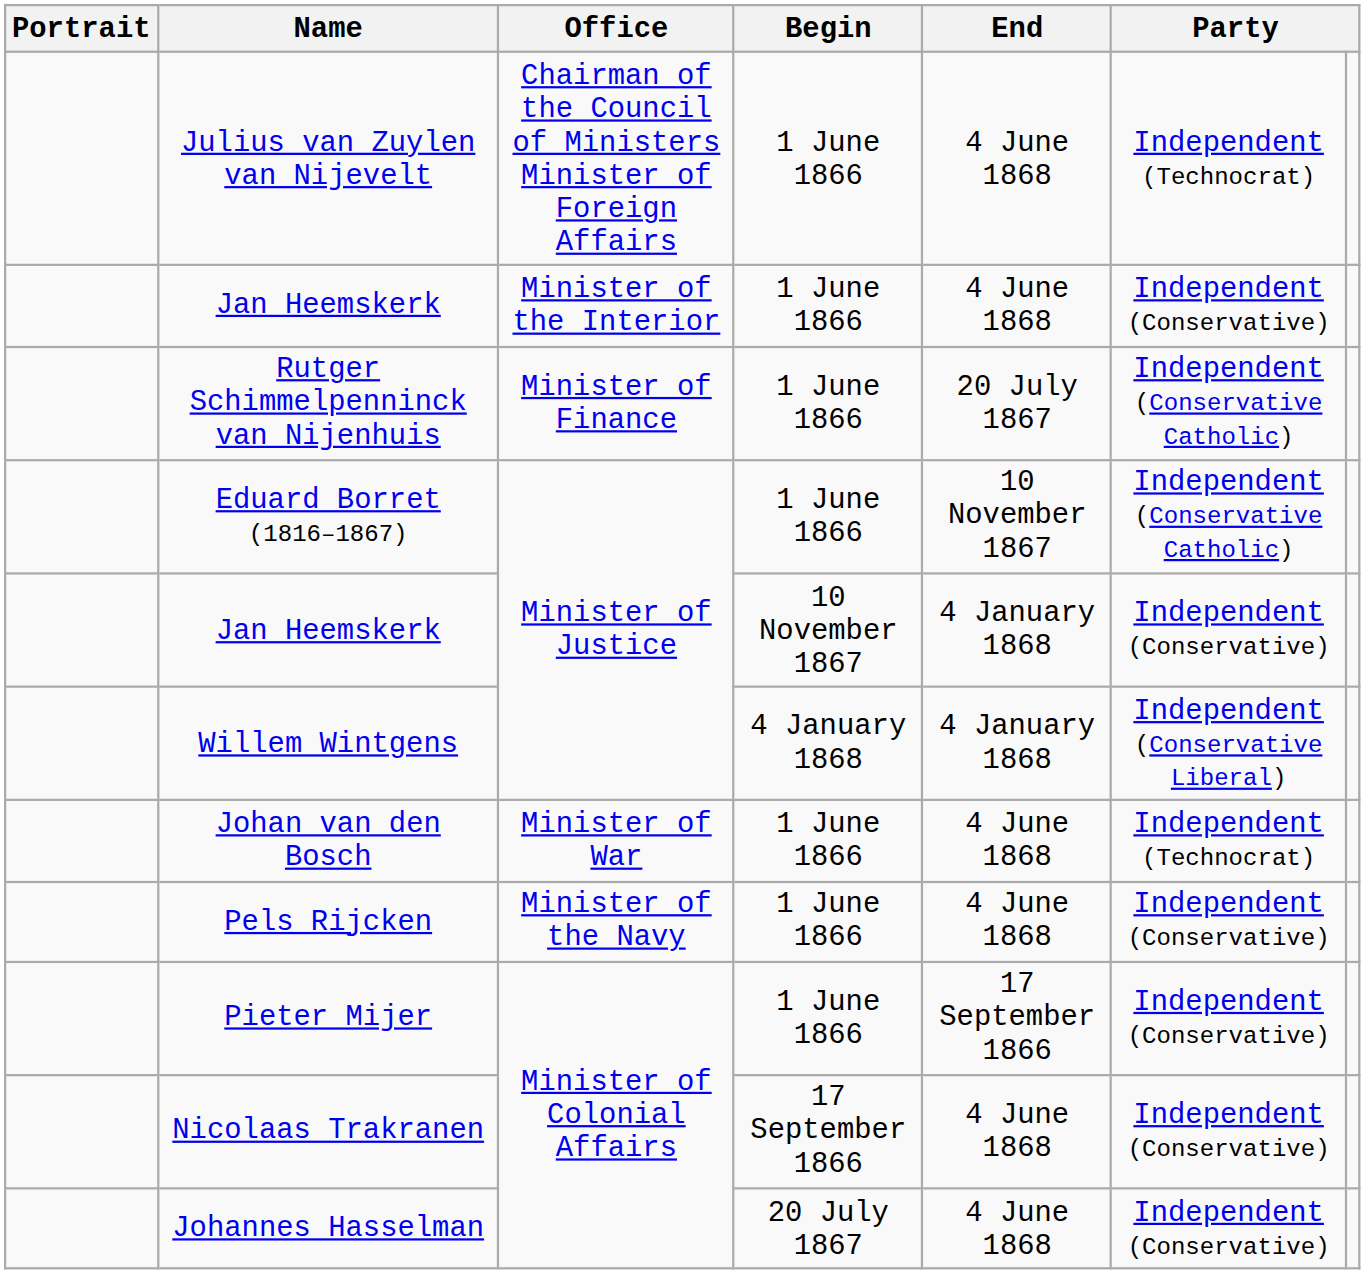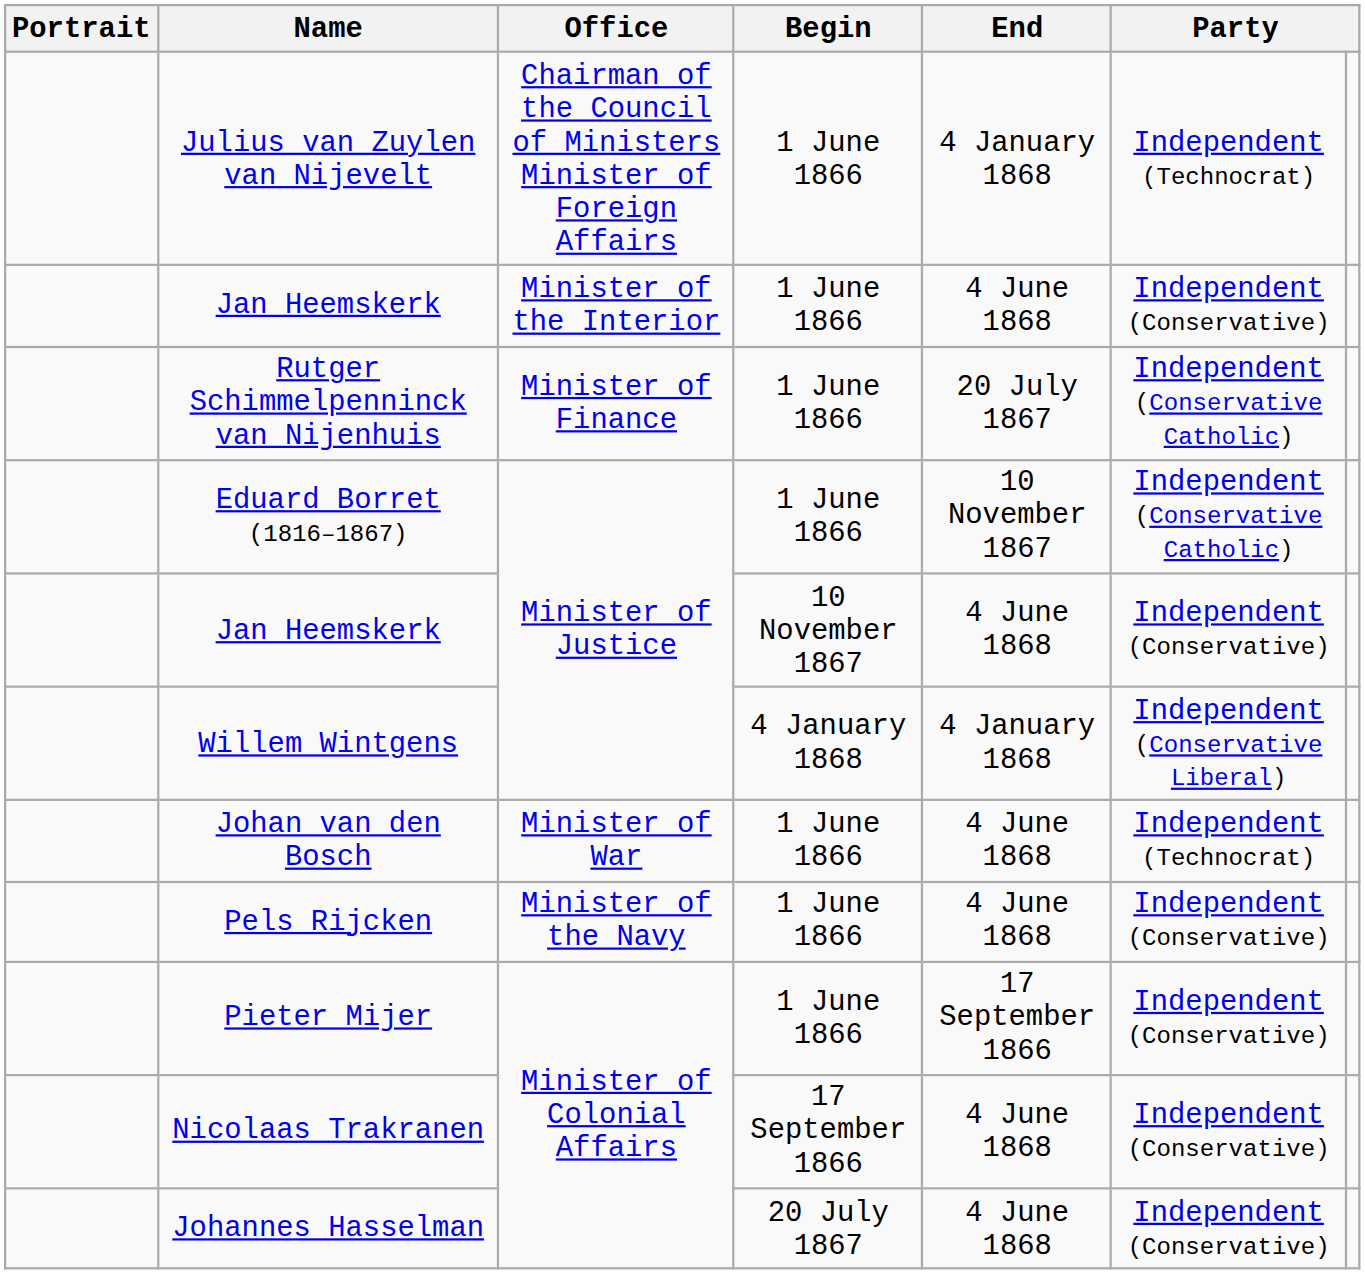 <table class="wikitable sortable" style="text-align:center">
 <tr>
 <th class="unsortable">Portrait</th>
 <th>Name</th>
 <th>Office</th>
 <th>Begin</th>
 <th>End</th>
 <th colspan=2>Party</th>
 </tr>
 <tr>
 <td></td>
 <td><a href='#'>Julius van Zuylen van Nijevelt</a></td>
 <td><a href='#'>Chairman of the Council of Ministers</a><br><a href='#'>Minister of Foreign Affairs</a></td>
 <td>1 June 1866</td>
-<td>4 June 1868</td>
+<td>4 January 1868</td>
 <td><a href='#'>Independent</a> <br> <small>(Technocrat)</small></td>
 <td style="background:"></td>
 </tr>
 <tr>
 <td></td>
 <td><a href='#'>Jan Heemskerk</a></td>
 <td><a href='#'>Minister of the Interior</a></td>
 <td>1 June 1866</td>
 <td>4 June 1868</td>
 <td><a href='#'>Independent</a> <br> <small>(Conservative)</small></td>
 <td style="background:"></td>
 </tr>
 <tr>
 <td></td>
 <td><a href='#'>Rutger Schimmelpenninck van Nijenhuis</a></td>
 <td><a href='#'>Minister of Finance</a></td>
 <td>1 June 1866</td>
 <td>20 July 1867</td>
 <td><a href='#'>Independent</a> <br> <small>(<a href='#'>Conservative Catholic</a>)</small></td>
 <td style="background:"></td>
 </tr>
 <tr>
 <td></td>
 <td><a href='#'>Eduard Borret</a> <br> <small>(1816–1867)</small></td>
 <td rowspan=3><a href='#'>Minister of Justice</a></td>
 <td>1 June 1866</td>
 <td>10 November 1867</td>
 <td><a href='#'>Independent</a> <br> <small>(<a href='#'>Conservative Catholic</a>)</small></td>
 <td style="background:"></td>
 </tr>
 <tr>
 <td></td>
 <td><a href='#'>Jan Heemskerk</a></td>
 <td>10 November 1867</td>
-<td>4 January 1868</td>
+<td>4 June 1868</td>
 <td><a href='#'>Independent</a> <br> <small>(Conservative)</small></td>
 <td style="background:"></td>
 </tr>
 <tr>
 <td></td>
 <td><a href='#'>Willem Wintgens</a></td>
 <td>4 January 1868</td>
 <td>4 January 1868</td>
 <td><a href='#'>Independent</a> <br> <small>(<a href='#'>Conservative Liberal</a>)</small></td>
 <td style="background:"></td>
 </tr>
 <tr>
 <td></td>
 <td><a href='#'>Johan van den Bosch</a></td>
 <td><a href='#'>Minister of War</a></td>
 <td>1 June 1866</td>
 <td>4 June 1868</td>
 <td><a href='#'>Independent</a> <br> <small>(Technocrat)</small></td>
 <td style="background:"></td>
 </tr>
 <tr>
 <td></td>
 <td><a href='#'>Pels Rijcken</a></td>
 <td><a href='#'>Minister of the Navy</a></td>
 <td>1 June 1866</td>
 <td>4 June 1868</td>
 <td><a href='#'>Independent</a> <br> <small>(Conservative)</small></td>
 <td style="background:"></td>
 </tr>
 <tr>
 <td></td>
 <td><a href='#'>Pieter Mijer</a></td>
 <td rowspan=3><a href='#'>Minister of Colonial Affairs</a></td>
 <td>1 June 1866</td>
 <td>17 September 1866</td>
 <td><a href='#'>Independent</a> <br> <small>(Conservative)</small></td>
 <td style="background:"></td>
 </tr>
 <tr>
 <td></td>
 <td><a href='#'>Nicolaas Trakranen</a></td>
 <td>17 September 1866</td>
 <td>4 June 1868</td>
 <td><a href='#'>Independent</a> <br> <small>(Conservative)</small></td>
 <td style="background:"></td>
 </tr>
 <tr>
 <td></td>
 <td><a href='#'>Johannes Hasselman</a></td>
 <td>20 July 1867</td>
 <td>4 June 1868</td>
 <td><a href='#'>Independent</a> <br> <small>(Conservative)</small></td>
 <td style="background:"></td>
 </tr>
 </table>
